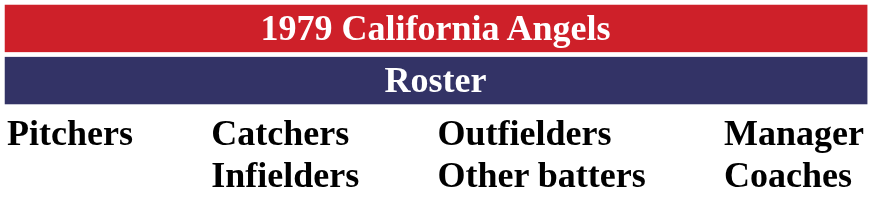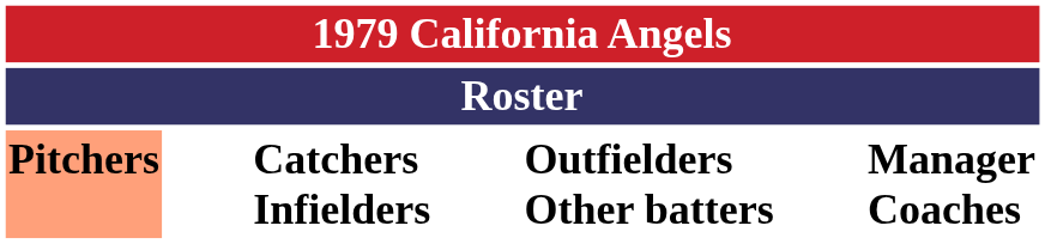 <table class="toccolours" style="font-size: 95%;">
 <tr>
 <th colspan="10" style="background-color: #CE2029; color: white; text-align: center;">1979 California Angels</th>
 </tr>
 <tr>
 <td colspan="10" style="background-color: #333366; color: white; text-align: center;"><strong>Roster</strong></td>
 </tr>
 <tr>
-<td valign="top"><strong>Pitchers</strong><br>              </td>
+<td valign="top" style="background: lightsalmon;"><strong>Pitchers</strong><br>              </td>
 <td width="25px"></td>
 <td valign="top"><strong>Catchers</strong><br>   <strong>Infielders</strong>           </td>
 <td width="25px"></td>
 <td valign="top"><strong>Outfielders</strong><br>        <strong>Other batters</strong>  </td>
 <td width="25px"></td>
 <td valign="top"><strong>Manager</strong><br> <strong>Coaches</strong>     </td>
 </tr>
 </table>
